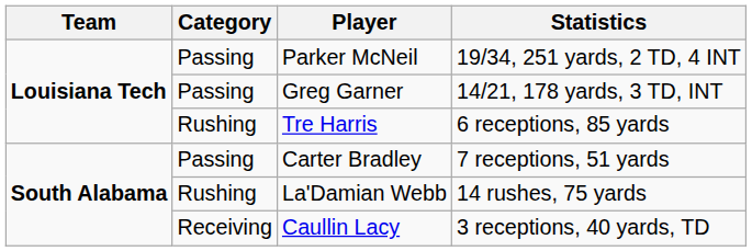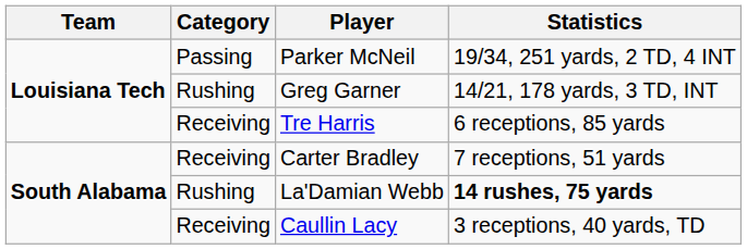 <table class="wikitable" style="float: right;">
 <tr>
 <th>Team</th>
 <th>Category</th>
 <th>Player</th>
 <th>Statistics</th>
 </tr>
 <tr>
 <td rowspan=3><strong>Louisiana Tech</strong></td>
 <td>Passing</td>
 <td>Parker McNeil</td>
 <td>19/34, 251 yards, 2 TD, 4 INT</td>
 </tr>
 <tr>
-<td>Passing</td>
+<td>Rushing</td>
 <td>Greg Garner</td>
 <td>14/21, 178 yards, 3 TD, INT</td>
 </tr>
 <tr>
-<td>Rushing</td>
+<td>Receiving</td>
 <td><a href='#'>Tre Harris</a></td>
 <td>6 receptions, 85 yards</td>
 </tr>
 <tr>
 <td rowspan=3><strong>South Alabama</strong></td>
-<td>Passing</td>
+<td>Receiving</td>
 <td>Carter Bradley</td>
 <td>7 receptions, 51 yards</td>
 </tr>
 <tr>
 <td>Rushing</td>
 <td>La'Damian Webb</td>
-<td>14 rushes, 75 yards</td>
+<td><strong>14 rushes, 75 yards</strong></td>
 </tr>
 <tr>
 <td>Receiving</td>
 <td><a href='#'>Caullin Lacy</a></td>
 <td>3 receptions, 40 yards, TD</td>
 </tr>
 </table>
